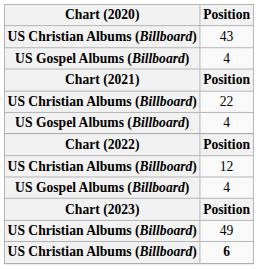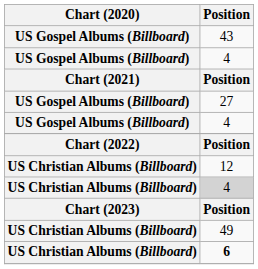 <table class="wikitable plainrowheaders" style="text-align:center">
 <tr>
 <th scope="col">Chart (2020)</th>
 <th scope="col">Position</th>
 </tr>
 <tr>
-<th scope="row">US Christian Albums (<em>Billboard</em>)</th>
+<th scope="row">US Gospel Albums (<em>Billboard</em>)</th>
 <td>43</td>
 </tr>
 <tr>
 <th scope="row">US Gospel Albums (<em>Billboard</em>)</th>
 <td>4</td>
 </tr>
 <tr>
 <th scope="col">Chart (2021)</th>
 <th scope="col">Position</th>
 </tr>
 <tr>
-<th scope="row">US Christian Albums (<em>Billboard</em>)</th>
-<td>22</td>
+<th scope="row">US Gospel Albums (<em>Billboard</em>)</th>
+<td>27</td>
 </tr>
 <tr>
 <th scope="row">US Gospel Albums (<em>Billboard</em>)</th>
 <td>4</td>
 </tr>
 <tr>
 </tr>
 <tr>
 <th scope="col">Chart (2022)</th>
 <th scope="col">Position</th>
 </tr>
 <tr>
 <th scope="row">US Christian Albums (<em>Billboard</em>)</th>
 <td>12</td>
 </tr>
 <tr>
-<th scope="row">US Gospel Albums (<em>Billboard</em>)</th>
-<td>4</td>
+<th scope="row">US Christian Albums (<em>Billboard</em>)</th>
+<td style="background: lightgrey;">4</td>
 </tr>
 <tr>
 <th scope="col">Chart (2023)</th>
 <th scope="col">Position</th>
 </tr>
 <tr>
 <th scope="row">US Christian Albums (<em>Billboard</em>)</th>
 <td>49</td>
 </tr>
 <tr>
 <th scope="row">US Christian Albums (<em>Billboard</em>)</th>
 <td><strong>6</strong></td>
 </tr>
 <tr>
 </tr>
 </table>
